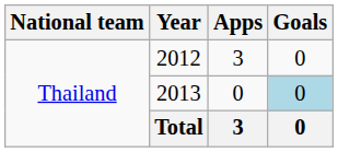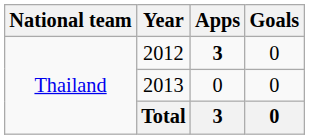 <table class="wikitable" style="text-align:center">
 <tr>
 <th>National team</th>
 <th>Year</th>
 <th>Apps</th>
 <th>Goals</th>
 </tr>
 <tr>
 <td rowspan="3" valign="center"><a href='#'>Thailand</a></td>
 <td>2012</td>
-<td>3</td>
+<td><strong>3</strong></td>
 <td>0</td>
 </tr>
 <tr>
 <td>2013</td>
 <td>0</td>
-<td style="background: lightblue;">0</td>
+<td>0</td>
 </tr>
 <tr>
 <th>Total</th>
 <th>3</th>
 <th>0</th>
 </tr>
 </table>
